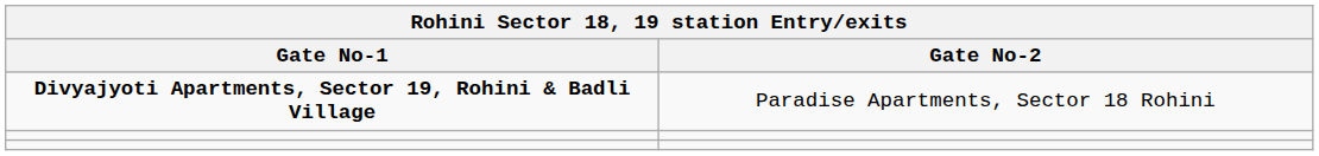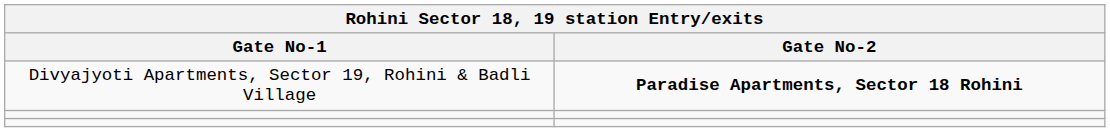 <table class="wikitable" style="text-align: center;" width="65%">
 <tr>
 <th align="center" colspan="5" style="background:#"><span>Rohini Sector 18, 19 station Entry/exits</span></th>
 </tr>
 <tr>
 <th style="width:15%;">Gate No-1 </th>
 <th style="width:15%;">Gate No-2 </th>
 </tr>
 <tr>
-<td><strong>Divyajyoti Apartments, Sector 19, Rohini & Badli Village</strong></td>
-<td>Paradise Apartments, Sector 18 Rohini</td>
+<td>Divyajyoti Apartments, Sector 19, Rohini & Badli Village</td>
+<td><strong>Paradise Apartments, Sector 18 Rohini</strong></td>
 </tr>
 <tr>
 <td></td>
 <td></td>
 </tr>
 <tr>
 <td></td>
 <td></td>
 </tr>
 </table>
